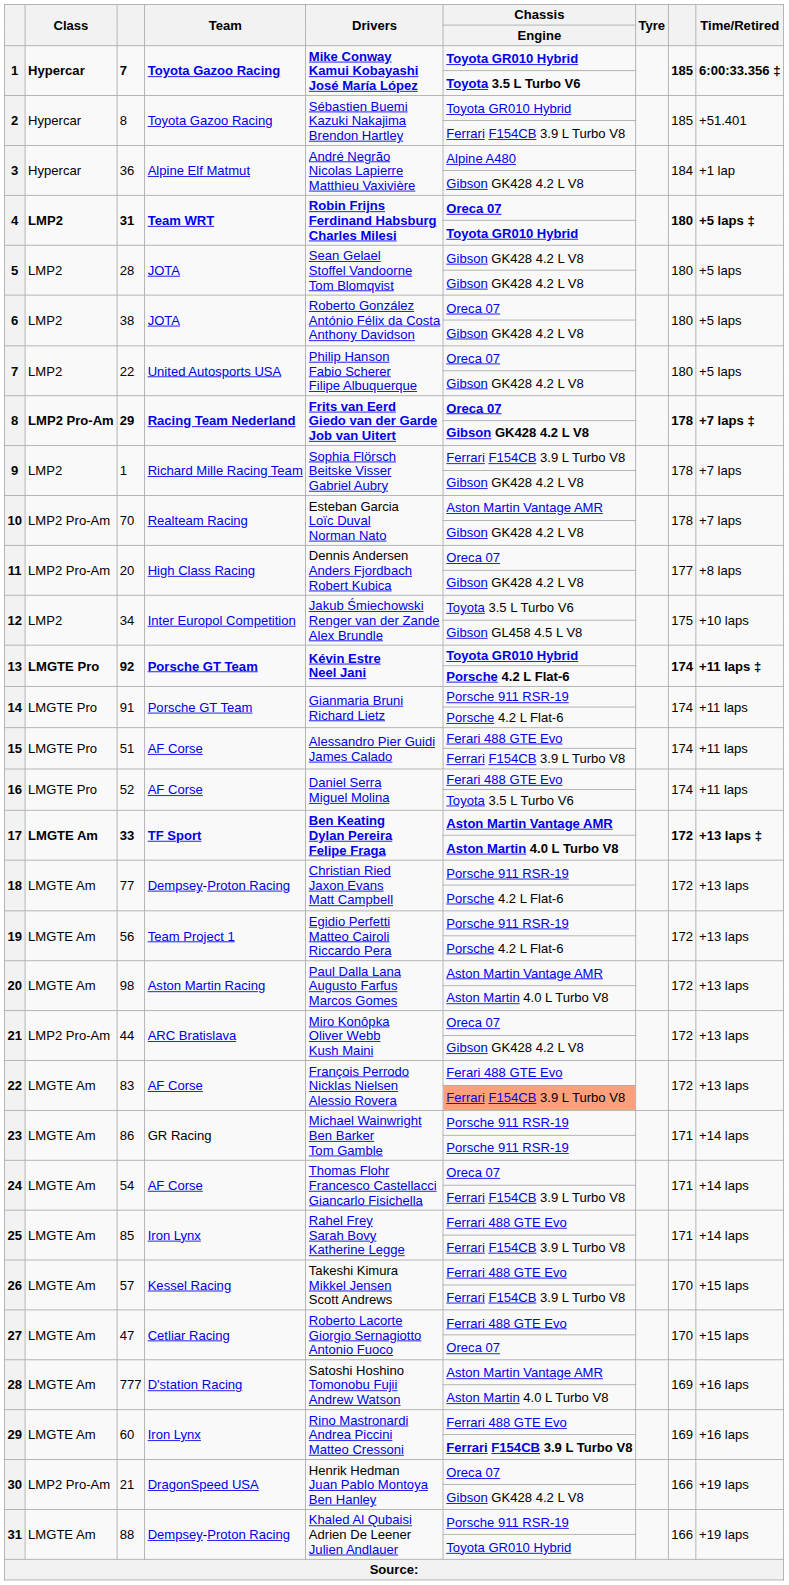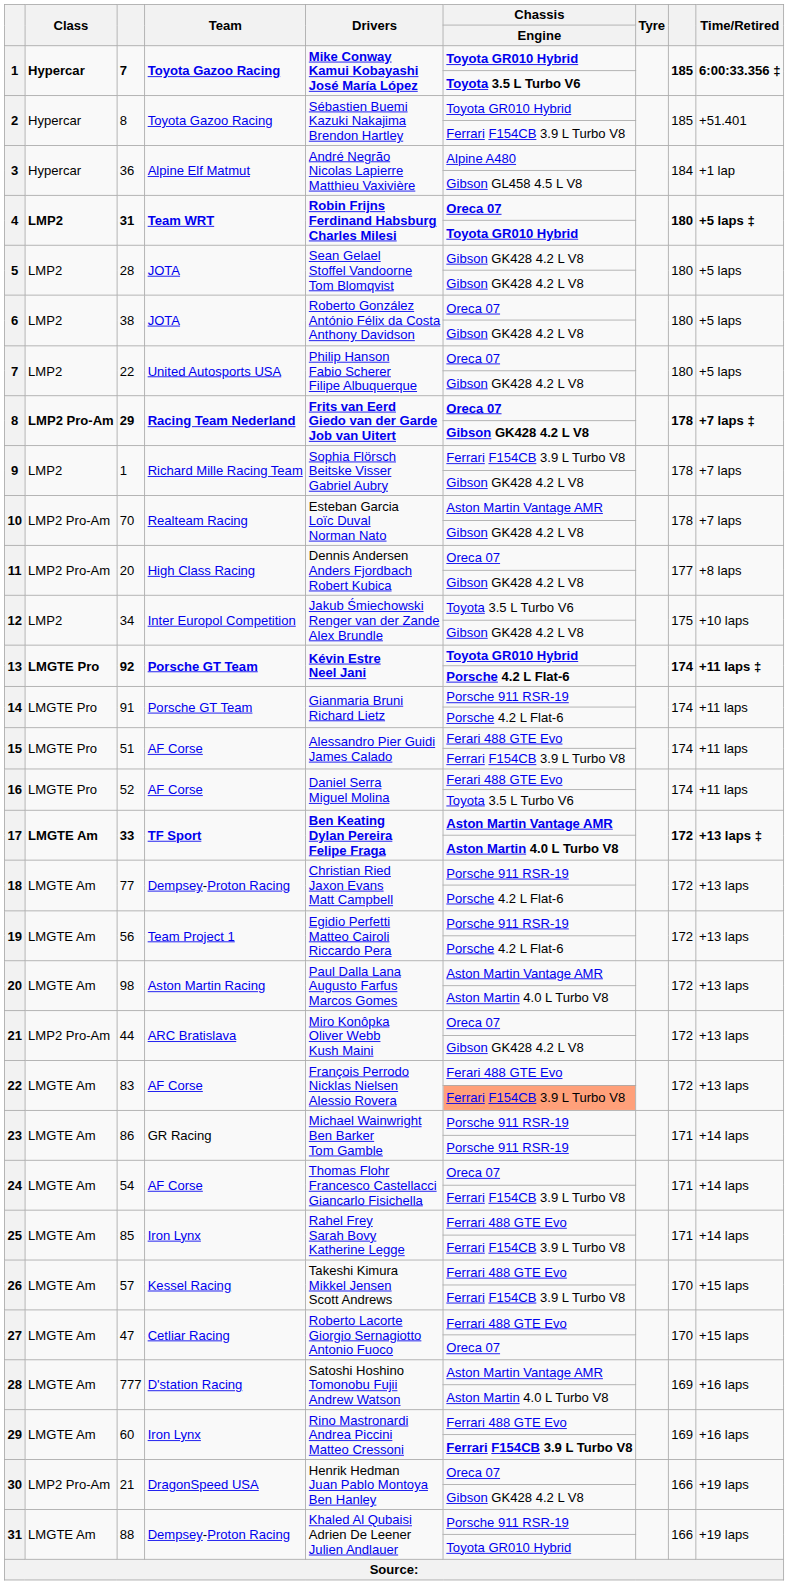 <table class="wikitable" style="font-size:95%;">
 <tr>
 <th rowspan=2></th>
 <th rowspan=2>Class</th>
 <th rowspan=2></th>
 <th rowspan=2>Team</th>
 <th rowspan=2>Drivers</th>
 <th>Chassis</th>
 <th rowspan=2>Tyre</th>
 <th rowspan=2></th>
 <th rowspan=2>Time/Retired</th>
 </tr>
 <tr>
 <th>Engine</th>
 </tr>
 <tr>
 <th rowspan=2><strong>1</strong></th>
 <td rowspan=2><strong>Hypercar</strong></td>
 <td rowspan=2><strong>7</strong></td>
 <td rowspan=2><strong> <a href='#'>Toyota Gazoo Racing</a></strong></td>
 <td rowspan=2><strong> <a href='#'>Mike Conway</a> <br>  <a href='#'>Kamui Kobayashi</a> <br>  <a href='#'>José María López</a></strong></td>
 <td><strong><a href='#'>Toyota GR010 Hybrid</a></strong></td>
 <td rowspan=2></td>
 <td rowspan=2><strong>185</strong></td>
 <td rowspan=2><strong>6:00:33.356</strong> <strong>‡</strong></td>
 </tr>
 <tr>
 <td><strong><a href='#'>Toyota</a> 3.5 L Turbo V6</strong></td>
 </tr>
 <tr>
 <th rowspan=2>2</th>
 <td rowspan=2>Hypercar</td>
 <td rowspan=2>8</td>
 <td rowspan=2> <a href='#'>Toyota Gazoo Racing</a></td>
 <td rowspan=2> <a href='#'>Sébastien Buemi</a><br> <a href='#'>Kazuki Nakajima</a><br> <a href='#'>Brendon Hartley</a></td>
 <td><a href='#'>Toyota GR010 Hybrid</a></td>
 <td rowspan=2></td>
 <td rowspan=2>185</td>
 <td rowspan=2>+51.401</td>
 </tr>
 <tr>
 <td><a href='#'>Ferrari</a> <a href='#'>F154CB</a> 3.9 L Turbo V8</td>
 </tr>
 <tr>
 <th rowspan=2>3</th>
 <td rowspan=2>Hypercar</td>
 <td rowspan=2>36</td>
 <td rowspan=2> <a href='#'>Alpine Elf Matmut</a></td>
 <td rowspan=2> <a href='#'>André Negrão</a> <br>  <a href='#'>Nicolas Lapierre</a> <br>  <a href='#'>Matthieu Vaxivière</a></td>
 <td><a href='#'>Alpine A480</a></td>
 <td rowspan=2></td>
 <td rowspan=2>184</td>
 <td rowspan=2>+1 lap</td>
 </tr>
 <tr>
-<td><a href='#'>Gibson</a> GK428 4.2 L V8</td>
+<td><a href='#'>Gibson</a> GL458 4.5 L V8</td>
 </tr>
 <tr>
 <th rowspan=2>4</th>
 <td rowspan=2><strong>LMP2</strong></td>
 <td rowspan=2><strong>31</strong></td>
 <td rowspan=2> <strong><a href='#'>Team WRT</a></strong></td>
 <td rowspan=2> <strong><a href='#'>Robin Frijns</a> <br>  <a href='#'>Ferdinand Habsburg</a> <br>  <a href='#'>Charles Milesi</a></strong></td>
 <td><strong><a href='#'>Oreca 07</a></strong></td>
 <td rowspan=2></td>
 <td rowspan=2><strong>180</strong></td>
 <td rowspan=2><strong>+5 laps</strong> <strong>‡</strong></td>
 </tr>
 <tr>
 <td><strong><a href='#'>Toyota GR010 Hybrid</a></strong></td>
 </tr>
 <tr>
 <th rowspan=2>5</th>
 <td rowspan=2>LMP2</td>
 <td rowspan=2>28</td>
 <td rowspan=2> <a href='#'>JOTA</a></td>
 <td rowspan=2> <a href='#'>Sean Gelael</a> <br>  <a href='#'>Stoffel Vandoorne</a> <br>  <a href='#'>Tom Blomqvist</a></td>
 <td><a href='#'>Gibson</a> GK428 4.2 L V8</td>
 <td rowspan=2></td>
 <td rowspan=2>180</td>
 <td rowspan=2>+5 laps</td>
 </tr>
 <tr>
 <td><a href='#'>Gibson</a> GK428 4.2 L V8</td>
 </tr>
 <tr>
 <th rowspan=2>6</th>
 <td rowspan=2>LMP2</td>
 <td rowspan=2>38</td>
 <td rowspan=2> <a href='#'>JOTA</a></td>
 <td rowspan=2> <a href='#'>Roberto González</a> <br>  <a href='#'>António Félix da Costa</a> <br>  <a href='#'>Anthony Davidson</a></td>
 <td><a href='#'>Oreca 07</a></td>
 <td rowspan=2></td>
 <td rowspan=2>180</td>
 <td rowspan=2>+5 laps</td>
 </tr>
 <tr>
 <td><a href='#'>Gibson</a> GK428 4.2 L V8</td>
 </tr>
 <tr>
 <th rowspan=2>7</th>
 <td rowspan=2>LMP2</td>
 <td rowspan=2>22</td>
 <td rowspan=2> <a href='#'>United Autosports USA</a></td>
 <td rowspan=2> <a href='#'>Philip Hanson</a> <br>  <a href='#'>Fabio Scherer</a> <br>  <a href='#'>Filipe Albuquerque</a></td>
 <td><a href='#'>Oreca 07</a></td>
 <td rowspan=2></td>
 <td rowspan=2>180</td>
 <td rowspan=2>+5 laps</td>
 </tr>
 <tr>
 <td><a href='#'>Gibson</a> GK428 4.2 L V8</td>
 </tr>
 <tr>
 <th rowspan=2>8</th>
 <td rowspan=2><strong>LMP2 Pro-Am</strong></td>
 <td rowspan=2><strong>29</strong></td>
 <td rowspan=2><strong> <a href='#'>Racing Team Nederland</a></strong></td>
 <td rowspan=2><strong> <a href='#'>Frits van Eerd</a> <br>  <a href='#'>Giedo van der Garde</a> <br>  <a href='#'>Job van Uitert</a></strong></td>
 <td><strong><a href='#'>Oreca 07</a></strong></td>
 <td rowspan=2></td>
 <td rowspan=2><strong>178</strong></td>
 <td rowspan=2><strong>+7 laps</strong> <strong>‡</strong></td>
 </tr>
 <tr>
 <td><strong><a href='#'>Gibson</a> GK428 4.2 L V8</strong></td>
 </tr>
 <tr>
 <th rowspan=2>9</th>
 <td rowspan=2>LMP2</td>
 <td rowspan=2>1</td>
 <td rowspan=2> <a href='#'>Richard Mille Racing Team</a></td>
 <td rowspan=2> <a href='#'>Sophia Flörsch</a> <br>  <a href='#'>Beitske Visser</a> <br>  <a href='#'>Gabriel Aubry</a></td>
 <td><a href='#'>Ferrari</a> <a href='#'>F154CB</a> 3.9 L Turbo V8</td>
 <td rowspan=2></td>
 <td rowspan=2>178</td>
 <td rowspan=2>+7 laps</td>
 </tr>
 <tr>
 <td><a href='#'>Gibson</a> GK428 4.2 L V8</td>
 </tr>
 <tr>
 <th rowspan=2>10</th>
 <td rowspan=2>LMP2 Pro-Am</td>
 <td rowspan=2>70</td>
 <td rowspan=2> <a href='#'>Realteam Racing</a></td>
 <td rowspan=2> Esteban Garcia <br>  <a href='#'>Loïc Duval</a> <br>  <a href='#'>Norman Nato</a></td>
 <td><a href='#'>Aston Martin Vantage AMR</a></td>
 <td rowspan=2></td>
 <td rowspan=2>178</td>
 <td rowspan=2>+7 laps</td>
 </tr>
 <tr>
 <td><a href='#'>Gibson</a> GK428 4.2 L V8</td>
 </tr>
 <tr>
 <th rowspan=2>11</th>
 <td rowspan=2>LMP2 Pro-Am</td>
 <td rowspan=2>20</td>
 <td rowspan=2> <a href='#'>High Class Racing</a></td>
 <td rowspan=2> Dennis Andersen <br>  <a href='#'>Anders Fjordbach</a> <br>  <a href='#'>Robert Kubica</a></td>
 <td><a href='#'>Oreca 07</a></td>
 <td rowspan=2></td>
 <td rowspan=2>177</td>
 <td rowspan=2>+8 laps</td>
 </tr>
 <tr>
 <td><a href='#'>Gibson</a> GK428 4.2 L V8</td>
 </tr>
 <tr>
 <th rowspan=2>12</th>
 <td rowspan=2>LMP2</td>
 <td rowspan=2>34</td>
 <td rowspan=2> <a href='#'>Inter Europol Competition</a></td>
 <td rowspan=2> <a href='#'>Jakub Śmiechowski</a> <br>  <a href='#'>Renger van der Zande</a> <br>  <a href='#'>Alex Brundle</a></td>
 <td><a href='#'>Toyota</a> 3.5 L Turbo V6</td>
 <td rowspan=2></td>
 <td rowspan=2>175</td>
 <td rowspan=2>+10 laps</td>
 </tr>
 <tr>
-<td><a href='#'>Gibson</a> GL458 4.5 L V8</td>
+<td><a href='#'>Gibson</a> GK428 4.2 L V8</td>
 </tr>
 <tr>
 <th rowspan=2>13</th>
 <td rowspan=2><strong>LMGTE Pro</strong></td>
 <td rowspan=2><strong>92</strong></td>
 <td rowspan=2><strong> <a href='#'>Porsche GT Team</a></strong></td>
 <td rowspan=2><strong> <a href='#'>Kévin Estre</a> <br>  <a href='#'>Neel Jani</a></strong></td>
 <td><strong><a href='#'>Toyota GR010 Hybrid</a></strong></td>
 <td rowspan=2></td>
 <td rowspan=2><strong>174</strong></td>
 <td rowspan=2><strong>+11 laps</strong> <strong>‡</strong></td>
 </tr>
 <tr>
 <td><strong><a href='#'>Porsche</a> 4.2 L Flat-6</strong></td>
 </tr>
 <tr>
 <th rowspan=2>14</th>
 <td rowspan=2>LMGTE Pro</td>
 <td rowspan=2>91</td>
 <td rowspan=2> <a href='#'>Porsche GT Team</a></td>
 <td rowspan=2> <a href='#'>Gianmaria Bruni</a> <br>  <a href='#'>Richard Lietz</a></td>
 <td><a href='#'>Porsche 911 RSR-19</a></td>
 <td rowspan=2></td>
 <td rowspan=2>174</td>
 <td rowspan=2>+11 laps</td>
 </tr>
 <tr>
 <td><a href='#'>Porsche</a> 4.2 L Flat-6</td>
 </tr>
 <tr>
 <th rowspan=2>15</th>
 <td rowspan=2>LMGTE Pro</td>
 <td rowspan=2>51</td>
 <td rowspan=2> <a href='#'>AF Corse</a></td>
 <td rowspan=2> <a href='#'>Alessandro Pier Guidi</a> <br>  <a href='#'>James Calado</a></td>
 <td><a href='#'>Ferari 488 GTE Evo</a></td>
 <td rowspan=2></td>
 <td rowspan=2>174</td>
 <td rowspan=2>+11 laps</td>
 </tr>
 <tr>
 <td><a href='#'>Ferrari</a> <a href='#'>F154CB</a> 3.9 L Turbo V8</td>
 </tr>
 <tr>
 <th rowspan=2>16</th>
 <td rowspan=2>LMGTE Pro</td>
 <td rowspan=2>52</td>
 <td rowspan=2> <a href='#'>AF Corse</a></td>
 <td rowspan=2> <a href='#'>Daniel Serra</a> <br>  <a href='#'>Miguel Molina</a></td>
 <td><a href='#'>Ferari 488 GTE Evo</a></td>
 <td rowspan=2></td>
 <td rowspan=2>174</td>
 <td rowspan=2>+11 laps</td>
 </tr>
 <tr>
 <td><a href='#'>Toyota</a> 3.5 L Turbo V6</td>
 </tr>
 <tr>
 <th rowspan=2>17</th>
 <td rowspan=2><strong>LMGTE Am</strong></td>
 <td rowspan=2><strong>33</strong></td>
 <td rowspan=2><strong> <a href='#'>TF Sport</a></strong></td>
 <td rowspan=2><strong> <a href='#'>Ben Keating</a> <br>  <a href='#'>Dylan Pereira</a> <br>  <a href='#'>Felipe Fraga</a></strong></td>
 <td><strong><a href='#'>Aston Martin Vantage AMR</a></strong></td>
 <td rowspan=2></td>
 <td rowspan=2><strong>172</strong></td>
 <td rowspan=2><strong>+13 laps</strong> <strong>‡</strong></td>
 </tr>
 <tr>
 <td><strong><a href='#'>Aston Martin</a> 4.0 L Turbo V8</strong></td>
 </tr>
 <tr>
 <th rowspan=2>18</th>
 <td rowspan=2>LMGTE Am</td>
 <td rowspan=2>77</td>
 <td rowspan=2> <a href='#'>Dempsey</a>-<a href='#'>Proton Racing</a></td>
 <td rowspan=2> <a href='#'>Christian Ried</a> <br>  <a href='#'>Jaxon Evans</a> <br>  <a href='#'>Matt Campbell</a></td>
 <td><a href='#'>Porsche 911 RSR-19</a></td>
 <td rowspan=2></td>
 <td rowspan=2>172</td>
 <td rowspan=2>+13 laps</td>
 </tr>
 <tr>
 <td><a href='#'>Porsche</a> 4.2 L Flat-6</td>
 </tr>
 <tr>
 <th rowspan=2>19</th>
 <td rowspan=2>LMGTE Am</td>
 <td rowspan=2>56</td>
 <td rowspan=2> <a href='#'>Team Project 1</a></td>
 <td rowspan=2> <a href='#'>Egidio Perfetti</a> <br>  <a href='#'>Matteo Cairoli</a> <br>  <a href='#'>Riccardo Pera</a></td>
 <td><a href='#'>Porsche 911 RSR-19</a></td>
 <td rowspan=2></td>
 <td rowspan=2>172</td>
 <td rowspan=2>+13 laps</td>
 </tr>
 <tr>
 <td><a href='#'>Porsche</a> 4.2 L Flat-6</td>
 </tr>
 <tr>
 <th rowspan=2>20</th>
 <td rowspan=2>LMGTE Am</td>
 <td rowspan=2>98</td>
 <td rowspan=2> <a href='#'>Aston Martin Racing</a></td>
 <td rowspan=2> <a href='#'>Paul Dalla Lana</a> <br>  <a href='#'>Augusto Farfus</a> <br>  <a href='#'>Marcos Gomes</a></td>
 <td><a href='#'>Aston Martin Vantage AMR</a></td>
 <td rowspan=2></td>
 <td rowspan=2>172</td>
 <td rowspan=2>+13 laps</td>
 </tr>
 <tr>
 <td><a href='#'>Aston Martin</a> 4.0 L Turbo V8</td>
 </tr>
 <tr>
 <th rowspan=2>21</th>
 <td rowspan=2>LMP2 Pro-Am</td>
 <td rowspan=2>44</td>
 <td rowspan=2> <a href='#'>ARC Bratislava</a></td>
 <td rowspan=2> <a href='#'>Miro Konôpka</a> <br>  <a href='#'>Oliver Webb</a> <br>  <a href='#'>Kush Maini</a></td>
 <td><a href='#'>Oreca 07</a></td>
 <td rowspan=2></td>
 <td rowspan=2>172</td>
 <td rowspan=2>+13 laps</td>
 </tr>
 <tr>
 <td><a href='#'>Gibson</a> GK428 4.2 L V8</td>
 </tr>
 <tr>
 <th rowspan=2>22</th>
 <td rowspan=2>LMGTE Am</td>
 <td rowspan=2>83</td>
 <td rowspan=2> <a href='#'>AF Corse</a></td>
 <td rowspan=2> <a href='#'>François Perrodo</a> <br>  <a href='#'>Nicklas Nielsen</a> <br>  <a href='#'>Alessio Rovera</a></td>
 <td><a href='#'>Ferari 488 GTE Evo</a></td>
 <td rowspan=2></td>
 <td rowspan=2>172</td>
 <td rowspan=2>+13 laps</td>
 </tr>
 <tr>
 <td style="background: lightsalmon;"><a href='#'>Ferrari</a> <a href='#'>F154CB</a> 3.9 L Turbo V8</td>
 </tr>
 <tr>
 <th rowspan=2>23</th>
 <td rowspan=2>LMGTE Am</td>
 <td rowspan=2>86</td>
 <td rowspan=2> GR Racing</td>
 <td rowspan=2> <a href='#'>Michael Wainwright</a> <br>  <a href='#'>Ben Barker</a> <br>  <a href='#'>Tom Gamble</a></td>
 <td><a href='#'>Porsche 911 RSR-19</a></td>
 <td rowspan=2></td>
 <td rowspan=2>171</td>
 <td rowspan=2>+14 laps</td>
 </tr>
 <tr>
 <td><a href='#'>Porsche 911 RSR-19</a></td>
 </tr>
 <tr>
 <th rowspan=2>24</th>
 <td rowspan=2>LMGTE Am</td>
 <td rowspan=2>54</td>
 <td rowspan=2> <a href='#'>AF Corse</a></td>
 <td rowspan=2> <a href='#'>Thomas Flohr</a> <br>  <a href='#'>Francesco Castellacci</a> <br>  <a href='#'>Giancarlo Fisichella</a></td>
 <td><a href='#'>Oreca 07</a></td>
 <td rowspan=2></td>
 <td rowspan=2>171</td>
 <td rowspan=2>+14 laps</td>
 </tr>
 <tr>
 <td><a href='#'>Ferrari</a> <a href='#'>F154CB</a> 3.9 L Turbo V8</td>
 </tr>
 <tr>
 <th rowspan=2>25</th>
 <td rowspan=2>LMGTE Am</td>
 <td rowspan=2>85</td>
 <td rowspan=2> <a href='#'>Iron Lynx</a></td>
 <td rowspan=2> <a href='#'>Rahel Frey</a> <br>  <a href='#'>Sarah Bovy</a> <br>  <a href='#'>Katherine Legge</a></td>
 <td><a href='#'>Ferrari 488 GTE Evo</a></td>
 <td rowspan=2></td>
 <td rowspan=2>171</td>
 <td rowspan=2>+14 laps</td>
 </tr>
 <tr>
 <td><a href='#'>Ferrari</a> <a href='#'>F154CB</a> 3.9 L Turbo V8</td>
 </tr>
 <tr>
 <th rowspan=2>26</th>
 <td rowspan=2>LMGTE Am</td>
 <td rowspan=2>57</td>
 <td rowspan=2> <a href='#'>Kessel Racing</a></td>
 <td rowspan=2> Takeshi Kimura <br>  <a href='#'>Mikkel Jensen</a> <br>  Scott Andrews</td>
 <td><a href='#'>Ferrari 488 GTE Evo</a></td>
 <td rowspan=2></td>
 <td rowspan=2>170</td>
 <td rowspan=2>+15 laps</td>
 </tr>
 <tr>
 <td><a href='#'>Ferrari</a> <a href='#'>F154CB</a> 3.9 L Turbo V8</td>
 </tr>
 <tr>
 <th rowspan=2>27</th>
 <td rowspan=2>LMGTE Am</td>
 <td rowspan=2>47</td>
 <td rowspan=2> <a href='#'>Cetliar Racing</a></td>
 <td rowspan=2> <a href='#'>Roberto Lacorte</a> <br>  <a href='#'>Giorgio Sernagiotto</a> <br>  <a href='#'>Antonio Fuoco</a></td>
 <td><a href='#'>Ferrari 488 GTE Evo</a></td>
 <td rowspan=2></td>
 <td rowspan=2>170</td>
 <td rowspan=2>+15 laps</td>
 </tr>
 <tr>
 <td><a href='#'>Oreca 07</a></td>
 </tr>
 <tr>
 <th rowspan=2>28</th>
 <td rowspan=2>LMGTE Am</td>
 <td rowspan=2>777</td>
 <td rowspan=2> <a href='#'>D'station Racing</a></td>
 <td rowspan=2> Satoshi Hoshino <br>  <a href='#'>Tomonobu Fujii</a> <br>  <a href='#'>Andrew Watson</a></td>
 <td><a href='#'>Aston Martin Vantage AMR</a></td>
 <td rowspan=2></td>
 <td rowspan=2>169</td>
 <td rowspan=2>+16 laps</td>
 </tr>
 <tr>
 <td><a href='#'>Aston Martin</a> 4.0 L Turbo V8</td>
 </tr>
 <tr>
 <th rowspan=2>29</th>
 <td rowspan=2>LMGTE Am</td>
 <td rowspan=2>60</td>
 <td rowspan=2> <a href='#'>Iron Lynx</a></td>
 <td rowspan=2> <a href='#'>Rino Mastronardi</a> <br>  <a href='#'>Andrea Piccini</a> <br>  <a href='#'>Matteo Cressoni</a></td>
 <td><a href='#'>Ferrari 488 GTE Evo</a></td>
 <td rowspan=2></td>
 <td rowspan=2>169</td>
 <td rowspan=2>+16 laps</td>
 </tr>
 <tr>
 <td><strong><a href='#'>Ferrari</a> <a href='#'>F154CB</a> 3.9 L Turbo V8</strong></td>
 </tr>
 <tr>
 <th rowspan=2>30</th>
 <td rowspan=2>LMP2 Pro-Am</td>
 <td rowspan=2>21</td>
 <td rowspan=2> <a href='#'>DragonSpeed USA</a></td>
 <td rowspan=2> Henrik Hedman <br>  <a href='#'>Juan Pablo Montoya</a> <br>  <a href='#'>Ben Hanley</a></td>
 <td><a href='#'>Oreca 07</a></td>
 <td rowspan=2></td>
 <td rowspan=2>166</td>
 <td rowspan=2>+19 laps</td>
 </tr>
 <tr>
 <td><a href='#'>Gibson</a> GK428 4.2 L V8</td>
 </tr>
 <tr>
 <th rowspan=2>31</th>
 <td rowspan=2>LMGTE Am</td>
 <td rowspan=2>88</td>
 <td rowspan=2> <a href='#'>Dempsey</a>-<a href='#'>Proton Racing</a></td>
 <td rowspan=2> <a href='#'>Khaled Al Qubaisi</a>  <br>  Adrien De Leener <br>  <a href='#'>Julien Andlauer</a></td>
 <td><a href='#'>Porsche 911 RSR-19</a></td>
 <td rowspan=2></td>
 <td rowspan=2>166</td>
 <td rowspan=2>+19 laps</td>
 </tr>
 <tr>
 <td><a href='#'>Toyota GR010 Hybrid</a></td>
 </tr>
 <tr>
 <th colspan="9">Source:</th>
 </tr>
 </table>
